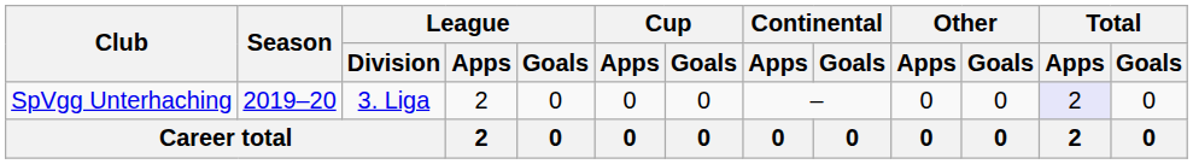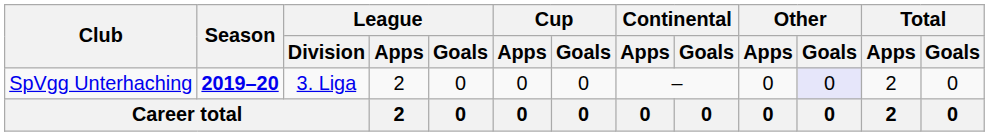 <table class="wikitable" style="text-align: center">
 <tr>
 <th rowspan="2">Club</th>
 <th rowspan="2">Season</th>
 <th colspan="3">League</th>
 <th colspan="2">Cup</th>
 <th colspan="2">Continental</th>
 <th colspan="2">Other</th>
 <th colspan="2">Total</th>
 </tr>
 <tr>
 <th>Division</th>
 <th>Apps</th>
 <th>Goals</th>
 <th>Apps</th>
 <th>Goals</th>
 <th>Apps</th>
 <th>Goals</th>
 <th>Apps</th>
 <th>Goals</th>
 <th>Apps</th>
 <th>Goals</th>
 </tr>
 <tr>
 <td><a href='#'>SpVgg Unterhaching</a></td>
-<td><a href='#'>2019–20</a></td>
+<td><strong><a href='#'>2019–20</a></strong></td>
 <td><a href='#'>3. Liga</a></td>
 <td>2</td>
 <td>0</td>
 <td>0</td>
 <td>0</td>
 <td colspan="2">–</td>
 <td>0</td>
-<td>0</td>
-<td style="background: lavender;">2</td>
+<td style="background: lavender;">0</td>
+<td>2</td>
 <td>0</td>
 </tr>
 <tr>
 <th colspan=3>Career total</th>
 <th>2</th>
 <th>0</th>
 <th>0</th>
 <th>0</th>
 <th>0</th>
 <th>0</th>
 <th>0</th>
 <th>0</th>
 <th>2</th>
 <th>0</th>
 </tr>
 </table>
